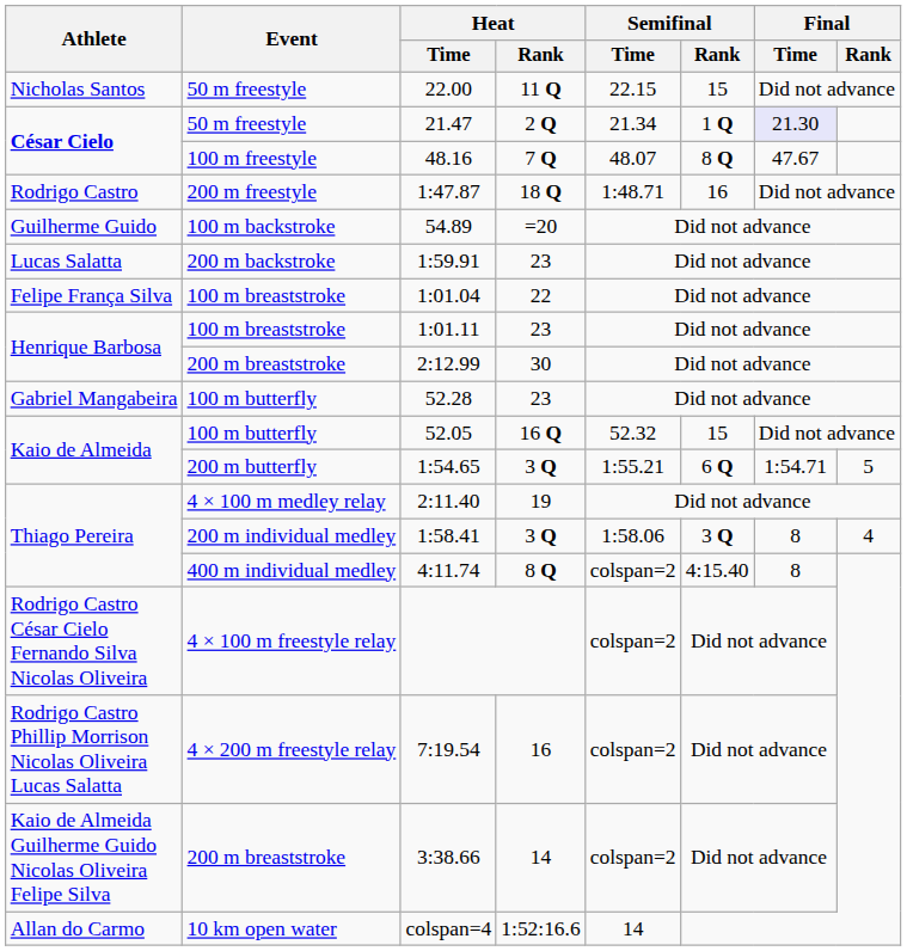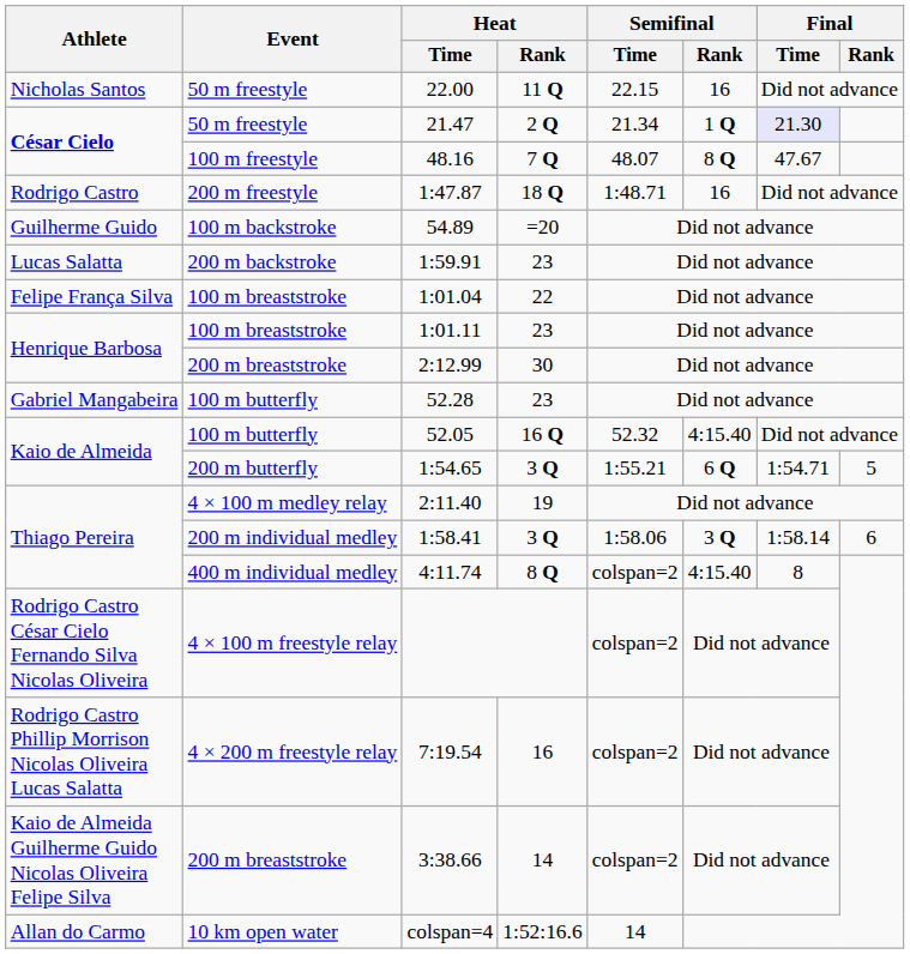 <table class=wikitable style="font-size:90%">
 <tr>
 <th rowspan="2">Athlete</th>
 <th rowspan="2">Event</th>
 <th colspan="2">Heat</th>
 <th colspan="2">Semifinal</th>
 <th colspan="2">Final</th>
 </tr>
 <tr style="font-size:95%">
 <th>Time</th>
 <th>Rank</th>
 <th>Time</th>
 <th>Rank</th>
 <th>Time</th>
 <th>Rank</th>
 </tr>
 <tr align=center>
 <td align=left><a href='#'>Nicholas Santos</a></td>
 <td align=left><a href='#'>50 m freestyle</a></td>
 <td>22.00</td>
 <td>11 <strong>Q</strong></td>
 <td>22.15</td>
-<td>15</td>
+<td>16</td>
 <td colspan=2>Did not advance</td>
 </tr>
 <tr align=center>
 <td align=left rowspan=2><strong><a href='#'>César Cielo</a></strong></td>
 <td align=left><a href='#'>50 m freestyle</a></td>
 <td>21.47</td>
 <td>2 <strong>Q</strong></td>
 <td>21.34 </td>
 <td>1 <strong>Q</strong></td>
 <td style="background: lavender;">21.30 </td>
 <td></td>
 </tr>
 <tr align=center>
 <td align=left><a href='#'>100 m freestyle</a></td>
 <td>48.16</td>
 <td>7 <strong>Q</strong></td>
 <td>48.07</td>
 <td>8 <strong>Q</strong></td>
 <td>47.67</td>
 <td></td>
 </tr>
 <tr align=center>
 <td align=left><a href='#'>Rodrigo Castro</a></td>
 <td align=left><a href='#'>200 m freestyle</a></td>
 <td>1:47.87</td>
 <td>18 <strong>Q</strong></td>
 <td>1:48.71</td>
 <td>16</td>
 <td colspan=2>Did not advance</td>
 </tr>
 <tr align=center>
 <td align=left><a href='#'>Guilherme Guido</a></td>
 <td align=left><a href='#'>100 m backstroke</a></td>
 <td>54.89</td>
 <td>=20</td>
 <td colspan=4>Did not advance</td>
 </tr>
 <tr align=center>
 <td align=left><a href='#'>Lucas Salatta</a></td>
 <td align=left><a href='#'>200 m backstroke</a></td>
 <td>1:59.91</td>
 <td>23</td>
 <td colspan=4>Did not advance</td>
 </tr>
 <tr align=center>
 <td align=left><a href='#'>Felipe França Silva</a></td>
 <td align=left><a href='#'>100 m breaststroke</a></td>
 <td>1:01.04</td>
 <td>22</td>
 <td colspan=4>Did not advance</td>
 </tr>
 <tr align=center>
 <td align=left rowspan=2><a href='#'>Henrique Barbosa</a></td>
 <td align=left><a href='#'>100 m breaststroke</a></td>
 <td>1:01.11</td>
 <td>23</td>
 <td colspan=4>Did not advance</td>
 </tr>
 <tr align=center>
 <td align=left><a href='#'>200 m breaststroke</a></td>
 <td>2:12.99</td>
 <td>30</td>
 <td colspan=4>Did not advance</td>
 </tr>
 <tr align=center>
 <td align=left><a href='#'>Gabriel Mangabeira</a></td>
 <td align=left><a href='#'>100 m butterfly</a></td>
 <td>52.28</td>
 <td>23</td>
 <td colspan=4>Did not advance</td>
 </tr>
 <tr align=center>
 <td align=left rowspan=2><a href='#'>Kaio de Almeida</a></td>
 <td align=left><a href='#'>100 m butterfly</a></td>
 <td>52.05</td>
 <td>16 <strong>Q</strong></td>
 <td>52.32</td>
-<td>15</td>
+<td>4:15.40</td>
 <td colspan=2>Did not advance</td>
 </tr>
 <tr align=center>
 <td align=left><a href='#'>200 m butterfly</a></td>
 <td>1:54.65</td>
 <td>3 <strong>Q</strong></td>
 <td>1:55.21</td>
 <td>6 <strong>Q</strong></td>
 <td>1:54.71</td>
 <td>5</td>
 </tr>
 <tr align=center>
 <td align=left rowspan=3><a href='#'>Thiago Pereira</a></td>
 <td align=left><a href='#'>4 × 100 m medley relay</a></td>
 <td>2:11.40</td>
 <td>19</td>
 <td colspan=4>Did not advance</td>
 </tr>
 <tr align=center>
 <td align=left><a href='#'>200 m individual medley</a></td>
 <td>1:58.41</td>
 <td>3 <strong>Q</strong></td>
 <td>1:58.06</td>
 <td>3 <strong>Q</strong></td>
-<td>8</td>
-<td>4</td>
+<td>1:58.14</td>
+<td>6</td>
 </tr>
 <tr align=center>
 <td align=left><a href='#'>400 m individual medley</a></td>
 <td>4:11.74</td>
 <td>8 <strong>Q</strong></td>
 <td>colspan=2 </td>
 <td>4:15.40</td>
 <td>8</td>
 </tr>
 <tr align=center>
 <td align=left><a href='#'>Rodrigo Castro</a><br><a href='#'>César Cielo</a><br><a href='#'>Fernando Silva</a><br><a href='#'>Nicolas Oliveira</a></td>
 <td align=left><a href='#'>4 × 100 m freestyle relay</a></td>
 <td colspan=2></td>
 <td>colspan=2 </td>
 <td colspan=2>Did not advance</td>
 </tr>
 <tr align=center>
 <td align=left><a href='#'>Rodrigo Castro</a><br><a href='#'>Phillip Morrison</a><br><a href='#'>Nicolas Oliveira</a><br><a href='#'>Lucas Salatta</a></td>
 <td align=left><a href='#'>4 × 200 m freestyle relay</a></td>
 <td>7:19.54</td>
 <td>16</td>
 <td>colspan=2 </td>
 <td colspan=2>Did not advance</td>
 </tr>
 <tr align=center>
 <td align=left><a href='#'>Kaio de Almeida</a><br><a href='#'>Guilherme Guido</a><br><a href='#'>Nicolas Oliveira</a><br><a href='#'>Felipe Silva</a></td>
 <td align=left><a href='#'>200 m breaststroke</a></td>
 <td>3:38.66</td>
 <td>14</td>
 <td>colspan=2 </td>
 <td colspan=2>Did not advance</td>
 </tr>
 <tr align=center>
 <td align=left><a href='#'>Allan do Carmo</a></td>
 <td align=left><a href='#'>10 km open water</a></td>
 <td>colspan=4 </td>
 <td>1:52:16.6</td>
 <td>14</td>
 </tr>
 </table>
